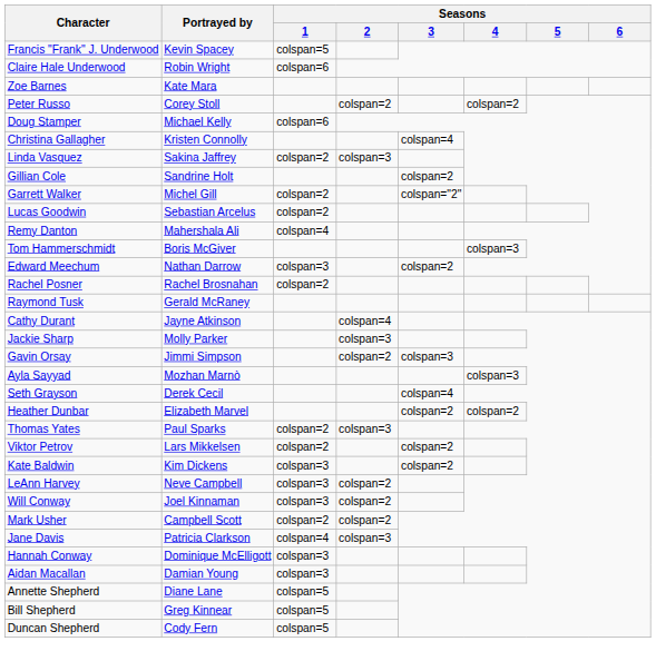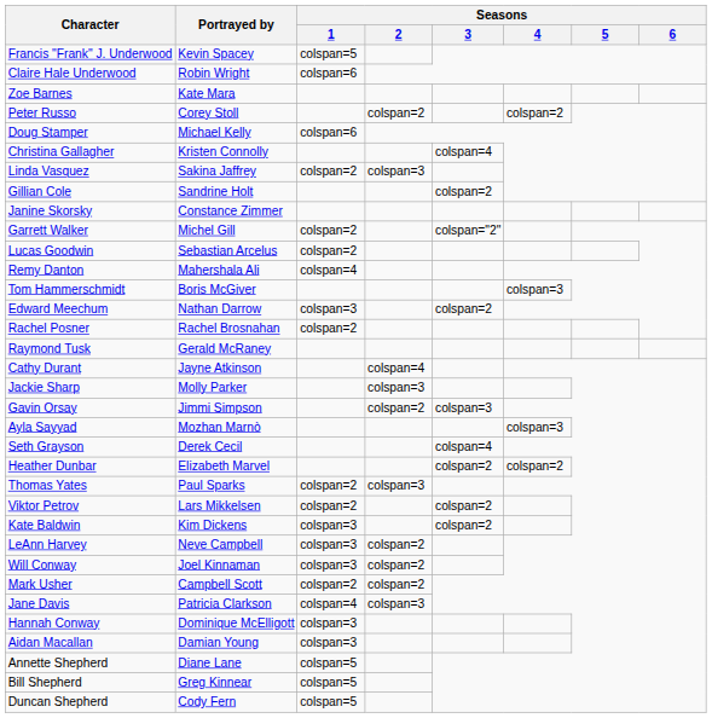 <table class="wikitable">
 <tr>
 <th rowspan=2>Character</th>
 <th rowspan=2>Portrayed by</th>
 <th colspan=6>Seasons</th>
 </tr>
 <tr>
 <th width="80px"><a href='#'>1</a></th>
 <th width="80px"><a href='#'>2</a></th>
 <th width="80px"><a href='#'>3</a></th>
 <th width="80px"><a href='#'>4</a></th>
 <th width="80px"><a href='#'>5</a></th>
 <th width="80px"><a href='#'>6</a></th>
 </tr>
 <tr>
 <td><a href='#'>Francis "Frank" J. Underwood</a></td>
 <td><a href='#'>Kevin Spacey</a></td>
 <td>colspan=5 </td>
 <td></td>
 </tr>
 <tr>
 <td><a href='#'>Claire Hale Underwood</a></td>
 <td><a href='#'>Robin Wright</a></td>
 <td>colspan=6 </td>
 </tr>
 <tr>
 <td><a href='#'>Zoe Barnes</a></td>
 <td><a href='#'>Kate Mara</a></td>
 <td></td>
 <td></td>
 <td></td>
 <td></td>
 <td></td>
 <td></td>
 </tr>
 <tr>
 <td><a href='#'>Peter Russo</a></td>
 <td><a href='#'>Corey Stoll</a></td>
 <td></td>
 <td>colspan=2 </td>
 <td></td>
 <td>colspan=2 </td>
 </tr>
 <tr>
 <td><a href='#'>Doug Stamper</a></td>
 <td><a href='#'>Michael Kelly</a></td>
 <td>colspan=6 </td>
 </tr>
 <tr>
 <td><a href='#'>Christina Gallagher</a></td>
 <td><a href='#'>Kristen Connolly</a></td>
 <td></td>
 <td></td>
 <td>colspan=4 </td>
 </tr>
 <tr>
 <td><a href='#'>Linda Vasquez</a></td>
 <td><a href='#'>Sakina Jaffrey</a></td>
 <td>colspan=2 </td>
 <td>colspan=3 </td>
 <td></td>
 </tr>
 <tr>
 <td><a href='#'>Gillian Cole</a></td>
 <td><a href='#'>Sandrine Holt</a></td>
 <td></td>
 <td></td>
 <td>colspan=2 </td>
+</tr>
+<tr>
+<td><a href='#'>Janine Skorsky</a></td>
+<td><a href='#'>Constance Zimmer</a></td>
+<td></td>
+<td></td>
+<td></td>
+<td></td>
+<td></td>
+<td></td>
 </tr>
 <tr>
 <td><a href='#'>Garrett Walker</a></td>
 <td><a href='#'>Michel Gill</a></td>
 <td>colspan=2 </td>
 <td></td>
 <td>colspan="2" </td>
 <td></td>
 </tr>
 <tr>
 <td><a href='#'>Lucas Goodwin</a></td>
 <td><a href='#'>Sebastian Arcelus</a></td>
 <td>colspan=2 </td>
 <td></td>
 <td></td>
 <td></td>
 <td></td>
 </tr>
 <tr>
 <td><a href='#'>Remy Danton</a></td>
 <td><a href='#'>Mahershala Ali</a></td>
 <td>colspan=4 </td>
 <td></td>
 <td></td>
 </tr>
 <tr>
 <td><a href='#'>Tom Hammerschmidt</a></td>
 <td><a href='#'>Boris McGiver</a></td>
 <td></td>
 <td></td>
 <td></td>
 <td>colspan=3 </td>
 </tr>
 <tr>
 <td><a href='#'>Edward Meechum</a></td>
 <td><a href='#'>Nathan Darrow</a></td>
 <td>colspan=3 </td>
 <td></td>
 <td>colspan=2 </td>
 </tr>
 <tr>
 <td><a href='#'>Rachel Posner</a></td>
 <td><a href='#'>Rachel Brosnahan</a></td>
 <td>colspan=2 </td>
 <td></td>
 <td></td>
 <td></td>
 <td></td>
 </tr>
 <tr>
 <td><a href='#'>Raymond Tusk</a></td>
 <td><a href='#'>Gerald McRaney</a></td>
 <td></td>
 <td></td>
 <td></td>
 <td></td>
 <td></td>
 <td></td>
 </tr>
 <tr>
 <td><a href='#'>Cathy Durant</a></td>
 <td><a href='#'>Jayne Atkinson</a></td>
 <td></td>
 <td>colspan=4 </td>
 <td></td>
 </tr>
 <tr>
 <td><a href='#'>Jackie Sharp</a></td>
 <td><a href='#'>Molly Parker</a></td>
 <td></td>
 <td>colspan=3 </td>
 <td></td>
 <td></td>
 </tr>
 <tr>
 <td><a href='#'>Gavin Orsay</a></td>
 <td><a href='#'>Jimmi Simpson</a></td>
 <td></td>
 <td>colspan=2 </td>
 <td>colspan=3 </td>
 </tr>
 <tr>
 <td><a href='#'>Ayla Sayyad</a></td>
 <td><a href='#'>Mozhan Marnò</a></td>
 <td></td>
 <td></td>
 <td></td>
 <td>colspan=3 </td>
 </tr>
 <tr>
 <td><a href='#'>Seth Grayson</a></td>
 <td><a href='#'>Derek Cecil</a></td>
 <td></td>
 <td></td>
 <td>colspan=4 </td>
 </tr>
 <tr>
 <td><a href='#'>Heather Dunbar</a></td>
 <td><a href='#'>Elizabeth Marvel</a></td>
 <td></td>
 <td></td>
 <td>colspan=2 </td>
 <td>colspan=2 </td>
 </tr>
 <tr>
 <td><a href='#'>Thomas Yates</a></td>
 <td><a href='#'>Paul Sparks</a></td>
 <td>colspan=2 </td>
 <td>colspan=3 </td>
 <td></td>
 </tr>
 <tr>
 <td><a href='#'>Viktor Petrov</a></td>
 <td><a href='#'>Lars Mikkelsen</a></td>
 <td>colspan=2 </td>
 <td></td>
 <td>colspan=2 </td>
 <td></td>
 </tr>
 <tr>
 <td><a href='#'>Kate Baldwin</a></td>
 <td><a href='#'>Kim Dickens</a></td>
 <td>colspan=3 </td>
 <td></td>
 <td>colspan=2 </td>
 <td></td>
 </tr>
 <tr>
 <td><a href='#'>LeAnn Harvey</a></td>
 <td><a href='#'>Neve Campbell</a></td>
 <td>colspan=3 </td>
 <td>colspan=2 </td>
 <td></td>
 </tr>
 <tr>
 <td><a href='#'>Will Conway</a></td>
 <td><a href='#'>Joel Kinnaman</a></td>
 <td>colspan=3 </td>
 <td>colspan=2 </td>
 <td></td>
 </tr>
 <tr>
 <td><a href='#'>Mark Usher</a></td>
 <td><a href='#'>Campbell Scott</a></td>
 <td>colspan=2 </td>
 <td>colspan=2 </td>
 </tr>
 <tr>
 <td><a href='#'>Jane Davis</a></td>
 <td><a href='#'>Patricia Clarkson</a></td>
 <td>colspan=4 </td>
 <td>colspan=3 </td>
 </tr>
 <tr>
 <td><a href='#'>Hannah Conway</a></td>
 <td><a href='#'>Dominique McElligott</a></td>
 <td>colspan=3 </td>
 <td></td>
 <td></td>
 <td></td>
 </tr>
 <tr>
 <td><a href='#'>Aidan Macallan</a></td>
 <td><a href='#'>Damian Young</a></td>
 <td>colspan=3 </td>
 <td></td>
 <td></td>
 <td></td>
 </tr>
 <tr>
 <td>Annette Shepherd</td>
 <td><a href='#'>Diane Lane</a></td>
 <td>colspan=5 </td>
 <td></td>
 </tr>
 <tr>
 <td>Bill Shepherd</td>
 <td><a href='#'>Greg Kinnear</a></td>
 <td>colspan=5 </td>
 <td></td>
 </tr>
 <tr>
 <td>Duncan Shepherd</td>
 <td><a href='#'>Cody Fern</a></td>
 <td>colspan=5 </td>
 <td></td>
 </tr>
 </table>
